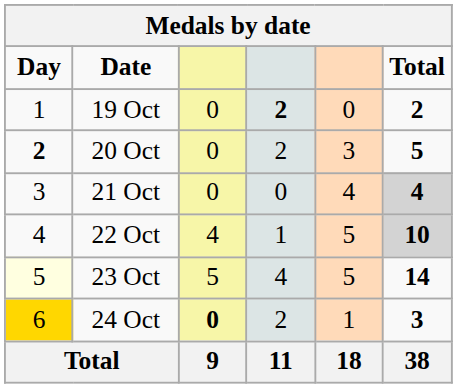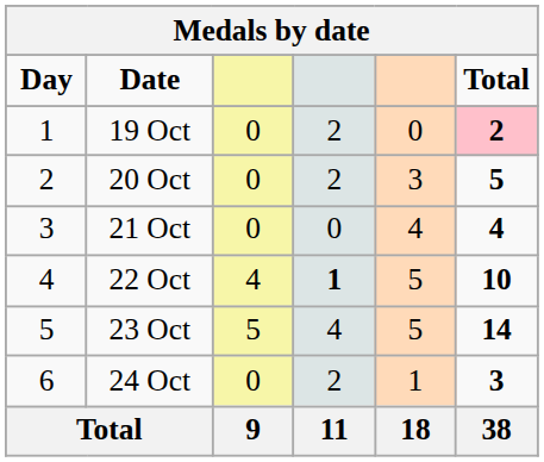 <table class="wikitable" style="font-size:85%; text-align:center;">
 <tr style="background:#efefef;">
 <th colspan=6><strong>Medals by date</strong></th>
 </tr>
 <tr>
 <td width=30><strong>Day</strong></td>
 <td width=50><strong>Date</strong></td>
 <td width=30 style="background:#F7F6A8;"></td>
 <td width=30 style="background:#DCE5E5;"></td>
 <td width=30 style="background:#FFDAB9;"></td>
 <td width=30><strong>Total</strong></td>
 </tr>
 <tr>
 <td>1</td>
 <td>19 Oct</td>
 <td style="background:#F7F6A8;">0</td>
-<td style="background:#DCE5E5;"><strong>2</strong></td>
+<td style="background:#DCE5E5;">2</td>
 <td style="background:#FFDAB9;">0</td>
-<td><strong>2</strong></td>
+<td style="background: pink;"><strong>2</strong></td>
 </tr>
 <tr>
-<td><strong>2</strong></td>
+<td>2</td>
 <td>20 Oct</td>
 <td style="background:#F7F6A8;">0</td>
 <td style="background:#DCE5E5;">2</td>
 <td style="background:#FFDAB9;">3</td>
 <td><strong>5</strong></td>
 </tr>
 <tr>
 <td>3</td>
 <td>21 Oct</td>
 <td style="background:#F7F6A8;">0</td>
 <td style="background:#DCE5E5;">0</td>
 <td style="background:#FFDAB9;">4</td>
-<td style="background: lightgrey;"><strong>4</strong></td>
+<td><strong>4</strong></td>
 </tr>
 <tr>
 <td>4</td>
 <td>22 Oct</td>
 <td style="background:#F7F6A8;">4</td>
-<td style="background:#DCE5E5;">1</td>
+<td style="background:#DCE5E5;"><strong>1</strong></td>
 <td style="background:#FFDAB9;">5</td>
-<td style="background: lightgrey;"><strong>10</strong></td>
+<td><strong>10</strong></td>
 </tr>
 <tr>
-<td style="background: lightyellow;">5</td>
+<td>5</td>
 <td>23 Oct</td>
 <td style="background:#F7F6A8;">5</td>
 <td style="background:#DCE5E5;">4</td>
 <td style="background:#FFDAB9;">5</td>
 <td><strong>14</strong></td>
 </tr>
 <tr>
-<td style="background: gold;">6</td>
+<td>6</td>
 <td>24 Oct</td>
-<td style="background:#F7F6A8;"><strong>0</strong></td>
+<td style="background:#F7F6A8;">0</td>
 <td style="background:#DCE5E5;">2</td>
 <td style="background:#FFDAB9;">1</td>
 <td><strong>3</strong></td>
 </tr>
 <tr>
 <th colspan="2"><strong>Total</strong></th>
 <th><strong>9</strong></th>
 <th><strong>11</strong></th>
 <th><strong>18</strong></th>
 <th><strong>38</strong></th>
 </tr>
 </table>
